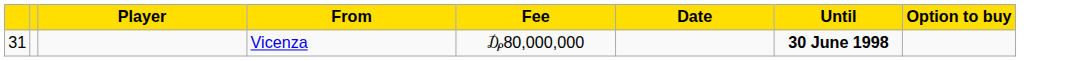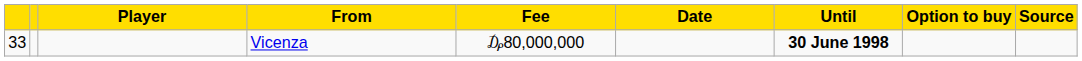 <table class="wikitable sortable">
 <tr>
 <th style="background:#FFDE00"></th>
 <th style="background:#FFDE00"></th>
 <th width=200 style="background:#FFDE00">Player</th>
 <th width=200 style="background:#FFDE00">From</th>
 <th width=150 style="background:#FFDE00">Fee</th>
 <th width=150 style="background:#FFDE00">Date</th>
 <th width=120 style="background:#FFDE00">Until</th>
 <th style="background:#FFDE00">Option to buy</th>
+<th style="background:#FFDE00">Source</th>
 </tr>
 <tr>
-<td align=center>31</td>
+<td align=center>33</td>
 <td align=center></td>
 <td></td>
 <td> <a href='#'>Vicenza</a></td>
 <td align=center>₯80,000,000</td>
 <td align=center></td>
 <td align=center><strong>30 June 1998</strong></td>
 <td align=center></td>
+<td align=center></td>
 </tr>
 </table>
